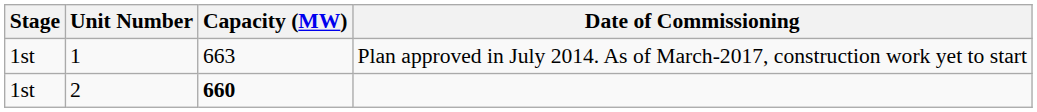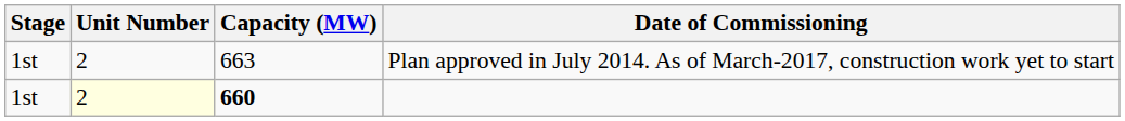 <table class="sortable wikitable">
 <tr>
 <th>Stage</th>
 <th>Unit Number</th>
 <th>Capacity (<a href='#'>MW</a>)</th>
 <th>Date of Commissioning</th>
 </tr>
 <tr>
 <td>1st</td>
-<td>1</td>
+<td>2</td>
 <td>663</td>
 <td>Plan approved in July 2014. As of March-2017, construction work yet to start </td>
 </tr>
 <tr>
 <td>1st</td>
-<td>2</td>
+<td style="background: lightyellow;">2</td>
 <td><strong>660</strong></td>
 <td></td>
 </tr>
 </table>
